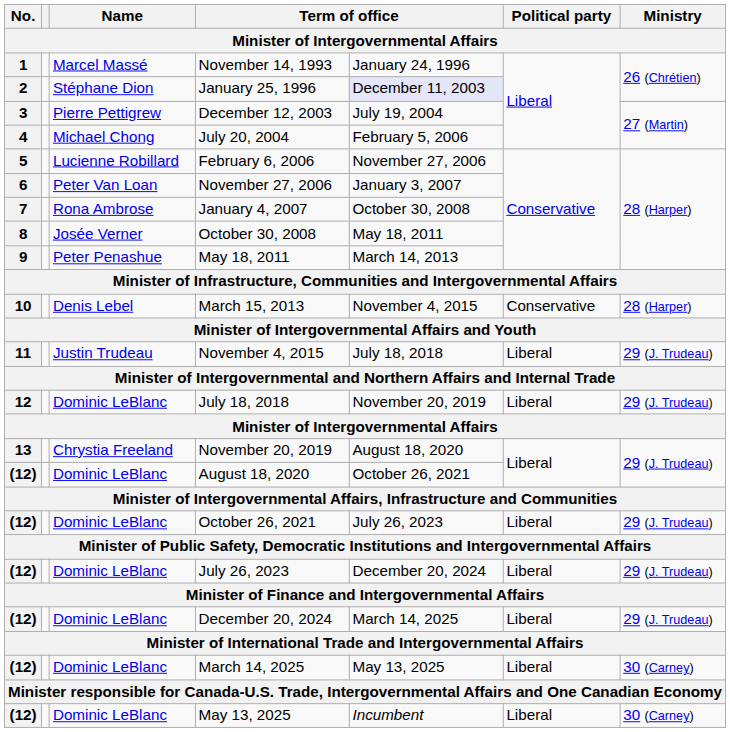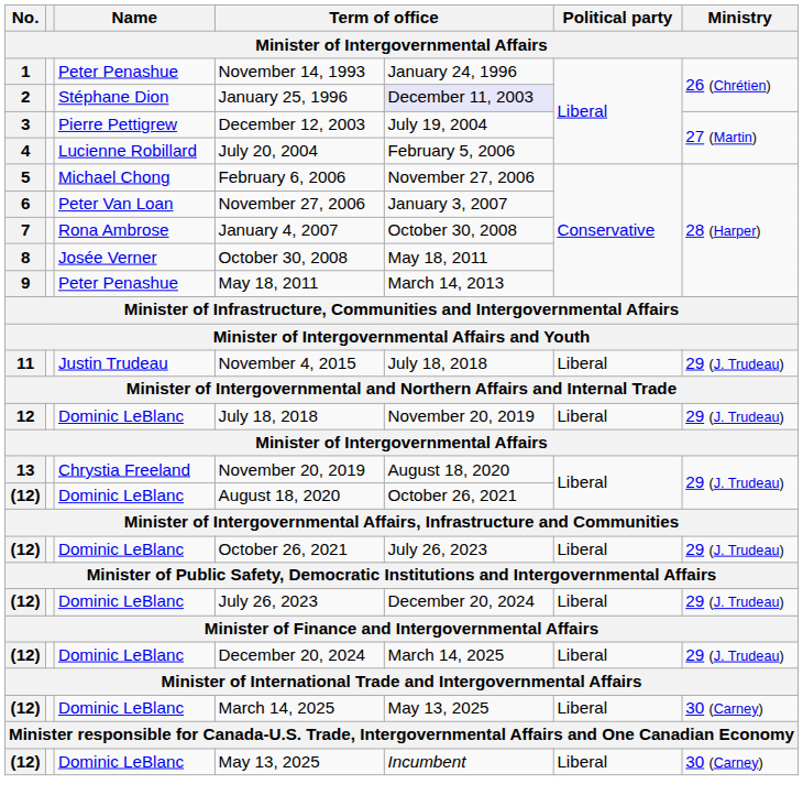 <table class="wikitable">
 <tr>
 <th>No.</th>
 <th></th>
 <th>Name</th>
 <th colspan=2>Term of office</th>
 <th>Political party</th>
 <th>Ministry</th>
 </tr>
 <tr>
 <th colspan=7>Minister of Intergovernmental Affairs</th>
 </tr>
 <tr>
 <th style="background:">1</th>
 <td></td>
-<td><a href='#'>Marcel Massé</a></td>
+<td><a href='#'>Peter Penashue</a></td>
 <td>November 14, 1993</td>
 <td>January 24, 1996</td>
 <td rowspan="4"><a href='#'>Liberal</a></td>
 <td rowspan=2><a href='#'>26</a> <small>(<a href='#'>Chrétien</a>)</small></td>
 </tr>
 <tr>
 <th style="background:">2</th>
 <td></td>
 <td><a href='#'>Stéphane Dion</a></td>
 <td>January 25, 1996</td>
 <td style="background: lavender;">December 11, 2003</td>
 </tr>
 <tr>
 <th style="background:">3</th>
 <td></td>
 <td><a href='#'>Pierre Pettigrew</a></td>
 <td>December 12, 2003</td>
 <td>July 19, 2004</td>
 <td rowspan=2><a href='#'>27</a> <small>(<a href='#'>Martin</a>)</small></td>
 </tr>
 <tr>
 <th style="background:">4</th>
 <td></td>
-<td><a href='#'>Michael Chong</a></td>
+<td><a href='#'>Lucienne Robillard</a></td>
 <td>July 20, 2004</td>
 <td>February 5, 2006</td>
 </tr>
 <tr>
 <th style="background:">5</th>
 <td></td>
-<td><a href='#'>Lucienne Robillard</a></td>
+<td><a href='#'>Michael Chong</a></td>
 <td>February 6, 2006</td>
 <td>November 27, 2006</td>
 <td rowspan="5"><a href='#'>Conservative</a></td>
 <td rowspan=5><a href='#'>28</a> <small>(<a href='#'>Harper</a>)</small></td>
 </tr>
 <tr>
 <th style="background:">6</th>
 <td></td>
 <td><a href='#'>Peter Van Loan</a></td>
 <td>November 27, 2006</td>
 <td>January 3, 2007</td>
 </tr>
 <tr>
 <th style="background:">7</th>
 <td></td>
 <td><a href='#'>Rona Ambrose</a></td>
 <td>January 4, 2007</td>
 <td>October 30, 2008</td>
 </tr>
 <tr>
 <th style="background:">8</th>
 <td></td>
 <td><a href='#'>Josée Verner</a></td>
 <td>October 30, 2008</td>
 <td>May 18, 2011</td>
 </tr>
 <tr>
 <th style="background:">9</th>
 <td></td>
 <td><a href='#'>Peter Penashue</a></td>
 <td>May 18, 2011</td>
 <td>March 14, 2013</td>
 </tr>
 <tr>
 <th colspan=7>Minister of Infrastructure, Communities and Intergovernmental Affairs</th>
-</tr>
-<tr>
-<th style="background:">10</th>
-<td></td>
-<td><a href='#'>Denis Lebel</a></td>
-<td>March 15, 2013</td>
-<td>November 4, 2015</td>
-<td>Conservative</td>
-<td rowspan=1><a href='#'>28</a> <small>(<a href='#'>Harper</a>)</small></td>
 </tr>
 <tr>
 <th colspan=7>Minister of Intergovernmental Affairs and Youth</th>
 </tr>
 <tr>
 <th style="background:">11</th>
 <td></td>
 <td><a href='#'>Justin Trudeau</a></td>
 <td>November 4, 2015</td>
 <td>July 18, 2018</td>
 <td>Liberal</td>
 <td rowspan=1><a href='#'>29</a> <small>(<a href='#'>J. Trudeau</a>)</small></td>
 </tr>
 <tr>
 <th colspan=7>Minister of Intergovernmental and Northern Affairs and Internal Trade</th>
 </tr>
 <tr>
 <th style="background:">12</th>
 <td></td>
 <td><a href='#'>Dominic LeBlanc</a></td>
 <td>July 18, 2018</td>
 <td>November 20, 2019</td>
 <td>Liberal</td>
 <td rowspan=1><a href='#'>29</a> <small>(<a href='#'>J. Trudeau</a>)</small></td>
 </tr>
 <tr>
 <th colspan=7>Minister of Intergovernmental Affairs</th>
 </tr>
 <tr>
 <th style="background:">13</th>
 <td></td>
 <td><a href='#'>Chrystia Freeland</a></td>
 <td>November 20, 2019</td>
 <td>August 18, 2020</td>
 <td rowspan="2">Liberal</td>
 <td rowspan=2><a href='#'>29</a> <small>(<a href='#'>J. Trudeau</a>)</small></td>
 </tr>
 <tr>
 <th style="background:">(12)</th>
 <td></td>
 <td><a href='#'>Dominic LeBlanc</a></td>
 <td>August 18, 2020</td>
 <td>October 26, 2021</td>
 </tr>
 <tr>
 <th colspan=7>Minister of Intergovernmental Affairs, Infrastructure and Communities</th>
 </tr>
 <tr>
 <th style="background:">(12)</th>
 <td></td>
 <td><a href='#'>Dominic LeBlanc</a></td>
 <td>October 26, 2021</td>
 <td>July 26, 2023</td>
 <td>Liberal</td>
 <td><a href='#'>29</a> <small>(<a href='#'>J. Trudeau</a>)</small></td>
 </tr>
 <tr>
 <th colspan=7>Minister of Public Safety, Democratic Institutions and Intergovernmental Affairs</th>
 </tr>
 <tr>
 <th style="background:">(12)</th>
 <td></td>
 <td><a href='#'>Dominic LeBlanc</a></td>
 <td>July 26, 2023</td>
 <td>December 20, 2024</td>
 <td>Liberal</td>
 <td><a href='#'>29</a> <small>(<a href='#'>J. Trudeau</a>)</small></td>
 </tr>
 <tr>
 <th colspan=7>Minister of Finance and Intergovernmental Affairs</th>
 </tr>
 <tr>
 <th style="background:">(12)</th>
 <td></td>
 <td><a href='#'>Dominic LeBlanc</a></td>
 <td>December 20, 2024</td>
 <td>March 14, 2025</td>
 <td>Liberal</td>
 <td><a href='#'>29</a> <small>(<a href='#'>J. Trudeau</a>)</small></td>
 </tr>
 <tr>
 <th colspan=7>Minister of International Trade and Intergovernmental Affairs</th>
 </tr>
 <tr>
 <th style="background:">(12)</th>
 <td></td>
 <td><a href='#'>Dominic LeBlanc</a></td>
 <td>March 14, 2025</td>
 <td>May 13, 2025</td>
 <td>Liberal</td>
 <td><a href='#'>30</a> <small>(<a href='#'>Carney</a>)</small></td>
 </tr>
 <tr>
 <th colspan=7>Minister responsible for Canada-U.S. Trade, Intergovernmental Affairs and One Canadian Economy</th>
 </tr>
 <tr>
 <th style="background:">(12)</th>
 <td></td>
 <td><a href='#'>Dominic LeBlanc</a></td>
 <td>May 13, 2025</td>
 <td><em>Incumbent</em></td>
 <td>Liberal</td>
 <td><a href='#'>30</a> <small>(<a href='#'>Carney</a>)</small></td>
 </tr>
 </table>
